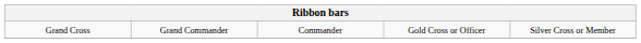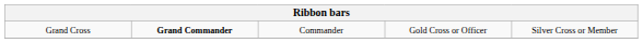 <table align=center class=wikitable width=60%>
 <tr>
 <th colspan=5><strong>Ribbon bars</strong></th>
 </tr>
 <tr>
 <td width=20% valign=top align=center><small>Grand Cross</small></td>
-<td width=20% valign=top align=center><small>Grand Commander</small></td>
+<td width=20% valign=top align=center><strong><small>Grand Commander</small></strong></td>
 <td width=20% valign=top align=center><small>Commander</small></td>
 <td width=20% valign=top align=center><small>Gold Cross or Officer</small></td>
 <td width=20% valign=top align=center><small>Silver Cross or Member</small></td>
 </tr>
 <tr>
 </tr>
 </table>
